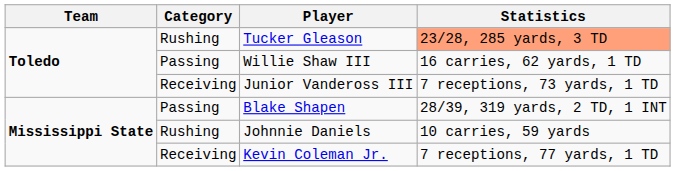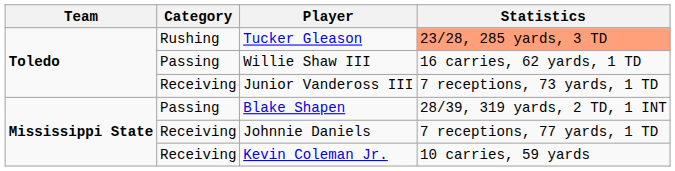 <table class="wikitable" style="float: right;">
 <tr>
 <th>Team</th>
 <th>Category</th>
 <th>Player</th>
 <th>Statistics</th>
 </tr>
 <tr>
 <td rowspan=3><strong>Toledo</strong></td>
 <td>Rushing</td>
 <td><a href='#'>Tucker Gleason</a></td>
 <td style="background: lightsalmon;">23/28, 285 yards, 3 TD</td>
 </tr>
 <tr>
 <td>Passing</td>
 <td>Willie Shaw III</td>
 <td>16 carries, 62 yards, 1 TD</td>
 </tr>
 <tr>
 <td>Receiving</td>
 <td>Junior Vandeross III</td>
 <td>7 receptions, 73 yards, 1 TD</td>
 </tr>
 <tr>
 <td rowspan=3><strong>Mississippi State</strong></td>
 <td>Passing</td>
 <td><a href='#'>Blake Shapen</a></td>
 <td>28/39, 319 yards, 2 TD, 1 INT</td>
 </tr>
 <tr>
-<td>Rushing</td>
+<td>Receiving</td>
 <td>Johnnie Daniels</td>
-<td>10 carries, 59 yards</td>
+<td>7 receptions, 77 yards, 1 TD</td>
 </tr>
 <tr>
 <td>Receiving</td>
 <td><a href='#'>Kevin Coleman Jr.</a></td>
-<td>7 receptions, 77 yards, 1 TD</td>
+<td>10 carries, 59 yards</td>
 </tr>
 </table>
